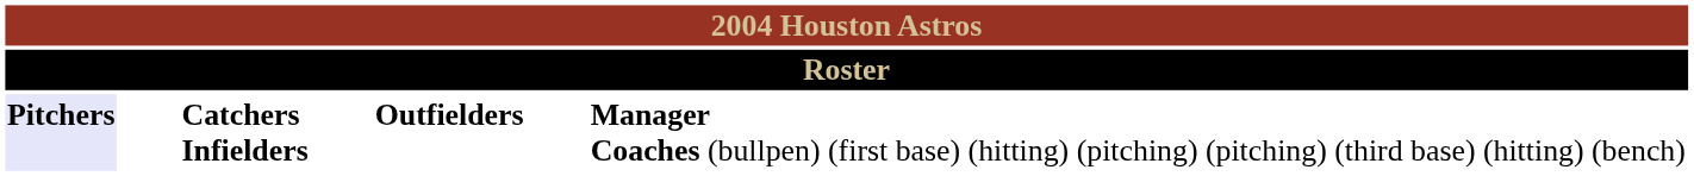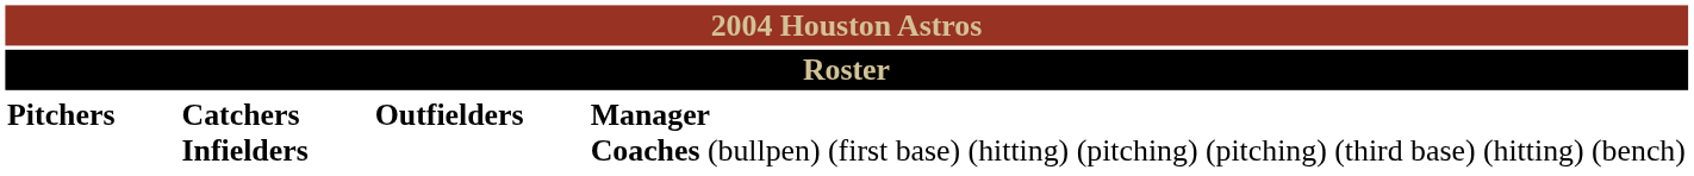 <table class="toccolours" style="font-size: 95%;">
 <tr>
 <th colspan="10" style="background:#983222; color:#d2c295; text-align:center;">2004 Houston Astros</th>
 </tr>
 <tr>
 <td colspan="10" style="background:#000; color:#d2c295; text-align:center;"><strong>Roster</strong></td>
 </tr>
 <tr>
-<td valign="top" style="background: lavender;"><strong>Pitchers</strong><br>                      </td>
+<td valign="top"><strong>Pitchers</strong><br>                      </td>
 <td width="25px"></td>
 <td valign="top"><strong>Catchers</strong><br>   <strong>Infielders</strong>         </td>
 <td width="25px"></td>
 <td valign="top"><strong>Outfielders</strong><br>      </td>
 <td width="25px"></td>
 <td valign="top"><strong>Manager</strong><br>  <strong>Coaches</strong> (bullpen)  (first base)  (hitting)  (pitching)  (pitching)  (third base)  (hitting)  (bench)</td>
 </tr>
 </table>
